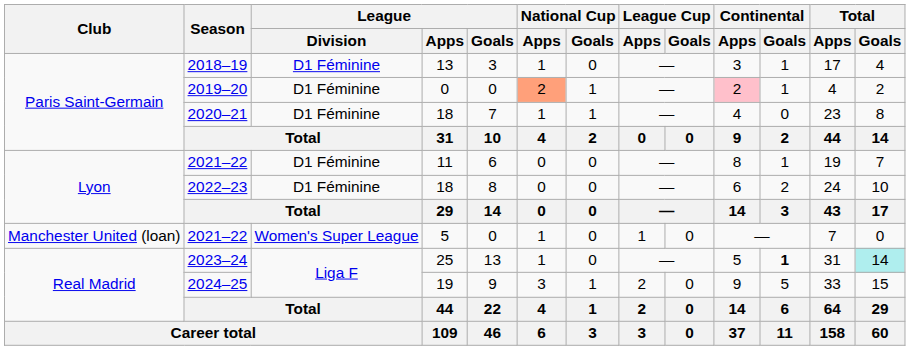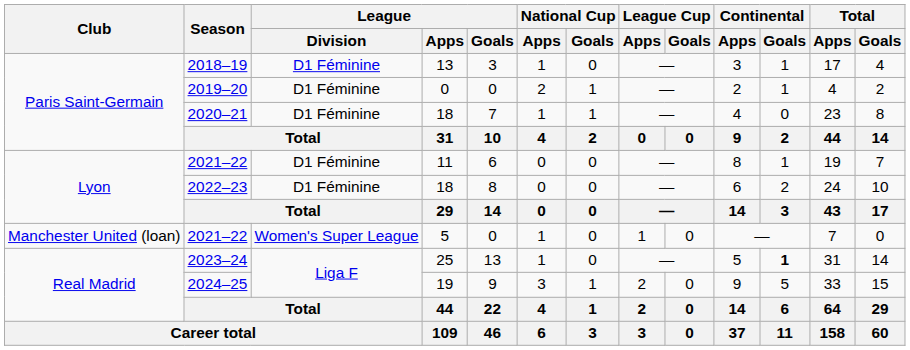 <table class="wikitable" style="text-align:center">
 <tr>
 <th rowspan="2">Club</th>
 <th rowspan="2">Season</th>
 <th colspan="3">League</th>
 <th colspan="2">National Cup</th>
 <th colspan="2">League Cup</th>
 <th colspan="2">Continental</th>
 <th colspan="2">Total</th>
 </tr>
 <tr>
 <th>Division</th>
 <th>Apps</th>
 <th>Goals</th>
 <th>Apps</th>
 <th>Goals</th>
 <th>Apps</th>
 <th>Goals</th>
 <th>Apps</th>
 <th>Goals</th>
 <th>Apps</th>
 <th>Goals</th>
 </tr>
 <tr>
 <td rowspan="4"><a href='#'>Paris Saint-Germain</a></td>
 <td><a href='#'>2018–19</a></td>
 <td><a href='#'>D1 Féminine</a></td>
 <td>13</td>
 <td>3</td>
 <td>1</td>
 <td>0</td>
 <td colspan="2">—</td>
 <td>3</td>
 <td>1</td>
 <td>17</td>
 <td>4</td>
 </tr>
 <tr>
 <td><a href='#'>2019–20</a></td>
 <td>D1 Féminine</td>
 <td>0</td>
 <td>0</td>
-<td style="background: lightsalmon;">2</td>
+<td>2</td>
 <td>1</td>
 <td colspan="2">—</td>
-<td style="background: pink;">2</td>
+<td>2</td>
 <td>1</td>
 <td>4</td>
 <td>2</td>
 </tr>
 <tr>
 <td><a href='#'>2020–21</a></td>
 <td>D1 Féminine</td>
 <td>18</td>
 <td>7</td>
 <td>1</td>
 <td>1</td>
 <td colspan="2">—</td>
 <td>4</td>
 <td>0</td>
 <td>23</td>
 <td>8</td>
 </tr>
 <tr>
 <th colspan="2">Total</th>
 <th>31</th>
 <th>10</th>
 <th>4</th>
 <th>2</th>
 <th>0</th>
 <th>0</th>
 <th>9</th>
 <th>2</th>
 <th>44</th>
 <th>14</th>
 </tr>
 <tr>
 <td rowspan="3"><a href='#'>Lyon</a></td>
 <td><a href='#'>2021–22</a></td>
 <td>D1 Féminine</td>
 <td>11</td>
 <td>6</td>
 <td>0</td>
 <td>0</td>
 <td colspan="2">—</td>
 <td>8</td>
 <td>1</td>
 <td>19</td>
 <td>7</td>
 </tr>
 <tr>
 <td><a href='#'>2022–23</a></td>
 <td>D1 Féminine</td>
 <td>18</td>
 <td>8</td>
 <td>0</td>
 <td>0</td>
 <td colspan="2">—</td>
 <td>6</td>
 <td>2</td>
 <td>24</td>
 <td>10</td>
 </tr>
 <tr>
 <th colspan="2">Total</th>
 <th>29</th>
 <th>14</th>
 <th>0</th>
 <th>0</th>
 <th colspan="2">—</th>
 <th>14</th>
 <th>3</th>
 <th>43</th>
 <th>17</th>
 </tr>
 <tr>
 <td><a href='#'>Manchester United</a> (loan)</td>
 <td><a href='#'>2021–22</a></td>
 <td><a href='#'>Women's Super League</a></td>
 <td>5</td>
 <td>0</td>
 <td>1</td>
 <td>0</td>
 <td>1</td>
 <td>0</td>
 <td colspan="2">—</td>
 <td>7</td>
 <td>0</td>
 </tr>
 <tr>
 <td rowspan="3"><a href='#'>Real Madrid</a></td>
 <td><a href='#'>2023–24</a></td>
 <td rowspan="2"><a href='#'>Liga F</a></td>
 <td>25</td>
 <td>13</td>
 <td>1</td>
 <td>0</td>
 <td colspan="2">—</td>
 <td>5</td>
 <td><strong>1</strong></td>
 <td>31</td>
-<td style="background: paleturquoise;">14</td>
+<td>14</td>
 </tr>
 <tr>
 <td><a href='#'>2024–25</a></td>
 <td>19</td>
 <td>9</td>
 <td>3</td>
 <td>1</td>
 <td>2</td>
 <td>0</td>
 <td>9</td>
 <td>5</td>
 <td>33</td>
 <td>15</td>
 </tr>
 <tr>
 <th colspan="2">Total</th>
 <th>44</th>
 <th>22</th>
 <th>4</th>
 <th>1</th>
 <th>2</th>
 <th>0</th>
 <th>14</th>
 <th>6</th>
 <th>64</th>
 <th>29</th>
 </tr>
 <tr>
 <th colspan="3">Career total</th>
 <th>109</th>
 <th>46</th>
 <th>6</th>
 <th>3</th>
 <th>3</th>
 <th>0</th>
 <th>37</th>
 <th>11</th>
 <th>158</th>
 <th>60</th>
 </tr>
 </table>
